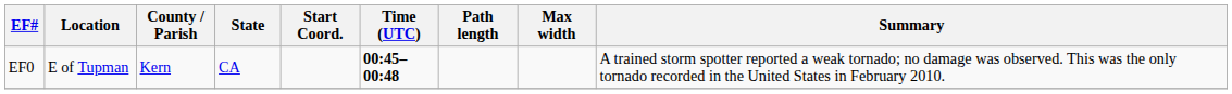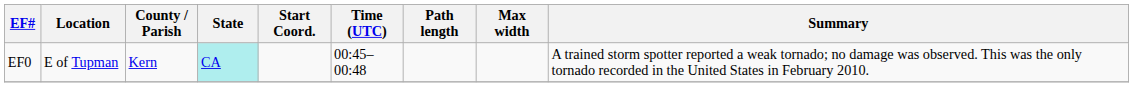 <table class="wikitable sortable" style="width:100%;">
 <tr>
 <th scope="col" width="3%" align="center"><a href='#'>EF#</a></th>
 <th scope="col" width="7%" align="center" class="unsortable">Location</th>
 <th scope="col" width="6%" align="center" class="unsortable">County / Parish</th>
 <th scope="col" width="5%" align="center">State</th>
 <th scope="col" width="6%" align="center">Start Coord.</th>
 <th scope="col" width="6%" align="center">Time (<a href='#'>UTC</a>)</th>
 <th scope="col" width="6%" align="center">Path length</th>
 <th scope="col" width="6%" align="center">Max width</th>
 <th scope="col" width="48%" class="unsortable" align="center">Summary</th>
 </tr>
 <tr>
 <td>EF0</td>
 <td>E of <a href='#'>Tupman</a></td>
 <td><a href='#'>Kern</a></td>
-<td><a href='#'>CA</a></td>
+<td style="background: paleturquoise;"><a href='#'>CA</a></td>
 <td></td>
-<td><strong>00:45–00:48</strong></td>
+<td>00:45–00:48</td>
 <td></td>
 <td></td>
 <td>A trained storm spotter reported a weak tornado; no damage was observed. This was the only tornado recorded in the United States in February 2010.</td>
 </tr>
 <tr>
 </tr>
 </table>
